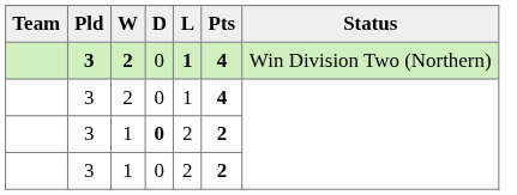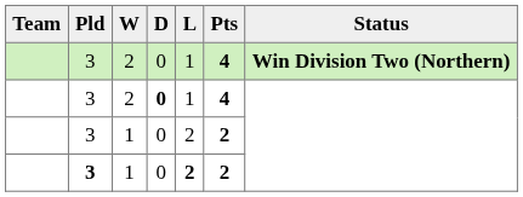 <table style=border-collapse:collapse border=1 cellspacing=0 cellpadding=5>
 <tr align=center bgcolor=#efefef>
 <th>Team</th>
 <th>Pld</th>
 <th>W</th>
 <th>D</th>
 <th>L</th>
 <th>Pts</th>
 <th>Status</th>
 </tr>
 <tr align=center style="background:#D0F0C0;">
 <td style="text-align:left;"> </td>
-<td><strong>3</strong></td>
-<td><strong>2</strong></td>
+<td>3</td>
+<td>2</td>
 <td>0</td>
-<td><strong>1</strong></td>
+<td>1</td>
 <td><strong>4</strong></td>
-<td rowspan=1>Win Division Two (Northern)</td>
+<td rowspan=1><strong>Win Division Two (Northern)</strong></td>
 </tr>
 <tr align=center style="background:#FFFFFF;">
 <td style="text-align:left;"> </td>
 <td>3</td>
 <td>2</td>
-<td>0</td>
+<td><strong>0</strong></td>
 <td>1</td>
 <td><strong>4</strong></td>
 <td rowspan=3></td>
-</tr>
-<tr align=center style="background:#FFFFFF;">
-<td style="text-align:left;"> </td>
-<td>3</td>
-<td>1</td>
-<td><strong>0</strong></td>
-<td>2</td>
-<td><strong>2</strong></td>
 </tr>
 <tr align=center style="background:#FFFFFF;">
 <td style="text-align:left;"> </td>
 <td>3</td>
 <td>1</td>
 <td>0</td>
 <td>2</td>
 <td><strong>2</strong></td>
 </tr>
+<tr align=center style="background:#FFFFFF;">
+<td style="text-align:left;"> </td>
+<td><strong>3</strong></td>
+<td>1</td>
+<td>0</td>
+<td><strong>2</strong></td>
+<td><strong>2</strong></td>
+</tr>
 </table>
